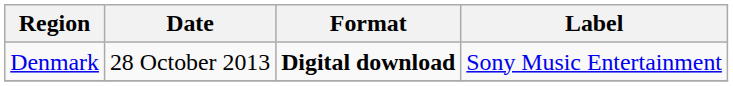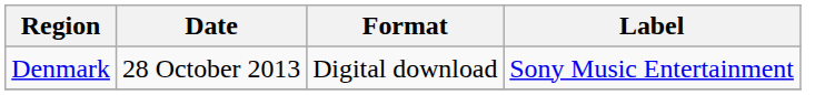 <table class=wikitable>
 <tr>
 <th>Region</th>
 <th>Date</th>
 <th>Format</th>
 <th>Label</th>
 </tr>
 <tr>
 <td><a href='#'>Denmark</a></td>
 <td>28 October 2013</td>
-<td><strong>Digital download</strong></td>
+<td>Digital download</td>
 <td><a href='#'>Sony Music Entertainment</a></td>
 </tr>
 <tr>
 </tr>
 </table>
